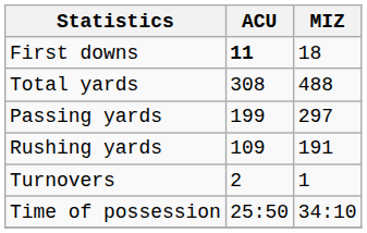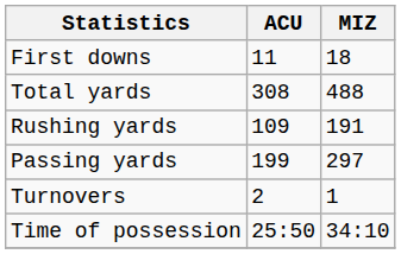 <table class="wikitable">
 <tr>
 <th>Statistics</th>
 <th>ACU</th>
 <th>MIZ</th>
 </tr>
 <tr>
 <td>First downs</td>
-<td><strong>11</strong></td>
+<td>11</td>
 <td>18</td>
 </tr>
 <tr>
 <td>Total yards</td>
 <td>308</td>
 <td>488</td>
 </tr>
 <tr>
+<td>Rushing yards</td>
+<td>109</td>
+<td>191</td>
+</tr>
+<tr>
 <td>Passing yards</td>
 <td>199</td>
 <td>297</td>
-</tr>
-<tr>
-<td>Rushing yards</td>
-<td>109</td>
-<td>191</td>
 </tr>
 <tr>
 <td>Turnovers</td>
 <td>2</td>
 <td>1</td>
 </tr>
 <tr>
 <td>Time of possession</td>
 <td>25:50</td>
 <td>34:10</td>
 </tr>
 <tr>
 </tr>
 </table>
